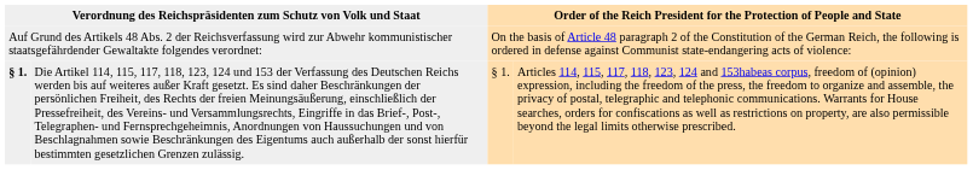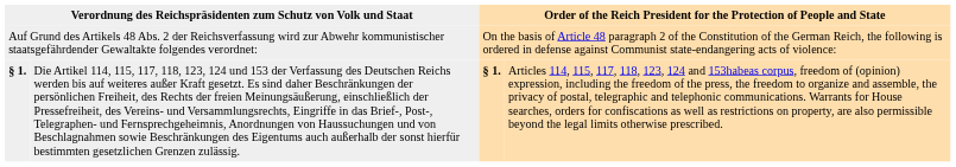 <table border="0" cellpadding="5" cellspacing="0">
 <tr>
 <th width="50%" style="background:#efefef;" align="center" valign="top" colspan="2">Verordnung des Reichspräsidenten zum Schutz von Volk und Staat</th>
 <th width="50%" style="background:#ffdead;" align="center" valign="top" colspan="2">Order of the Reich President for the Protection of People and State</th>
 </tr>
 <tr>
 <td style="background:#efefef;" valign="top" colspan="2">Auf Grund des Artikels 48 Abs. 2 der Reichsverfassung wird zur Abwehr kommunistischer staatsgefährdender Gewaltakte folgendes verordnet:</td>
 <td style="background:#ffdead;" valign="top" colspan="2">On the basis of <a href='#'>Article 48</a> paragraph 2 of the Constitution of the German Reich, the following is ordered in defense against Communist state-endangering acts of violence:</td>
 </tr>
 <tr>
 <td style="background:#efefef;" valign="top"><strong>§ 1.</strong></td>
 <td style="background:#efefef;" valign="top">Die Artikel 114, 115, 117, 118, 123, 124 und 153 der Verfassung des Deutschen Reichs werden bis auf weiteres außer Kraft gesetzt. Es sind daher Beschränkungen der persönlichen Freiheit, des Rechts der freien Meinungsäußerung, einschließlich der Pressefreiheit, des Vereins- und Versammlungsrechts, Eingriffe in das Brief-, Post-, Telegraphen- und Fernsprechgeheimnis, Anordnungen von Haussuchungen und von Beschlagnahmen sowie Beschränkungen des Eigentums auch außerhalb der sonst hierfür bestimmten gesetzlichen Grenzen zulässig.</td>
-<td style="background:#ffdead;" valign="top">§ 1.</td>
+<td style="background:#ffdead;" valign="top"><strong>§ 1.</strong></td>
 <td style="background:#ffdead;" valign="top">Articles <a href='#'>114</a>, <a href='#'>115</a>, <a href='#'>117</a>, <a href='#'>118</a>, <a href='#'>123</a>, <a href='#'>124</a> and <a href='#'>153</a><a href='#'>habeas corpus</a>, freedom of (opinion) expression, including the freedom of the press, the freedom to organize and assemble, the privacy of postal, telegraphic and telephonic communications. Warrants for House searches, orders for confiscations as well as restrictions on property, are also permissible beyond the legal limits otherwise prescribed.</td>
 </tr>
 </table>
